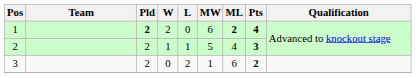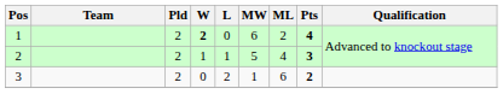 <table class="wikitable" style="text-align:center">
 <tr>
 <th width=25>Pos</th>
 <th width=200>Team</th>
 <th width=25>Pld</th>
 <th width=25>W</th>
 <th width=25>L</th>
 <th width=25>MW</th>
 <th width=25>ML</th>
 <th width=25>Pts</th>
 <th width=250>Qualification</th>
 </tr>
 <tr bgcolor=ccffcc>
 <td>1</td>
 <td style="text-align:left;"></td>
+<td>2</td>
 <td><strong>2</strong></td>
-<td>2</td>
 <td>0</td>
 <td>6</td>
-<td><strong>2</strong></td>
+<td>2</td>
 <td><strong>4</strong></td>
 <td rowspan=2 style="text-align:left;">Advanced to <a href='#'>knockout stage</a></td>
 </tr>
 <tr bgcolor=ccffcc>
 <td>2</td>
 <td style="text-align:left;"></td>
 <td>2</td>
 <td>1</td>
 <td>1</td>
 <td>5</td>
 <td>4</td>
 <td><strong>3</strong></td>
 </tr>
 <tr>
 <td>3</td>
 <td style="text-align:left;"></td>
 <td>2</td>
 <td>0</td>
 <td>2</td>
 <td>1</td>
 <td>6</td>
 <td><strong>2</strong></td>
 <td></td>
 </tr>
 <tr>
 </tr>
 </table>
